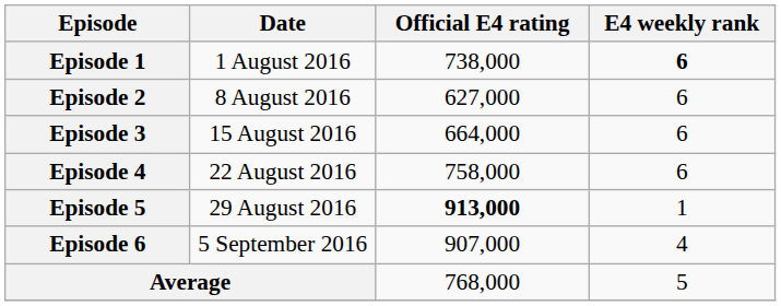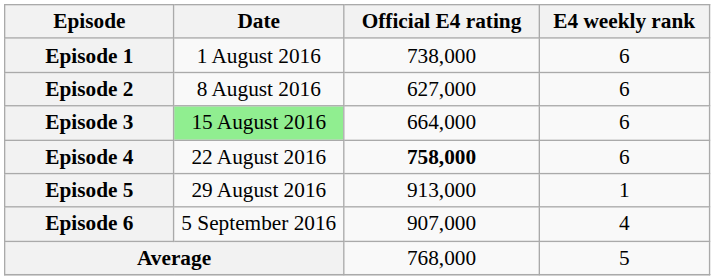 <table class="wikitable sortable" style="text-align:center">
 <tr>
 <th scope="col" style="width:120px;">Episode</th>
 <th scope="col" style="width:120px;">Date</th>
 <th scope="col" style="width:140px;">Official E4 rating</th>
 <th scope="col" style="width:120px;">E4 weekly rank</th>
 </tr>
 <tr>
 <th scope="row">Episode 1</th>
 <td>1 August 2016</td>
 <td>738,000</td>
-<td><strong>6</strong></td>
+<td>6</td>
 </tr>
 <tr>
 <th scope="row">Episode 2</th>
 <td>8 August 2016</td>
 <td>627,000</td>
 <td>6</td>
 </tr>
 <tr>
 <th scope="row">Episode 3</th>
-<td>15 August 2016</td>
+<td style="background: lightgreen;">15 August 2016</td>
 <td>664,000</td>
 <td>6</td>
 </tr>
 <tr>
 <th scope="row">Episode 4</th>
 <td>22 August 2016</td>
-<td>758,000</td>
+<td><strong>758,000</strong></td>
 <td>6</td>
 </tr>
 <tr>
 <th scope="row">Episode 5</th>
 <td>29 August 2016</td>
-<td><strong>913,000</strong></td>
+<td>913,000</td>
 <td>1</td>
 </tr>
 <tr>
 <th scope="row">Episode 6</th>
 <td>5 September 2016</td>
 <td>907,000</td>
 <td>4</td>
 </tr>
 <tr>
 <th scope="row" colspan="2">Average</th>
 <td>768,000</td>
 <td>5</td>
 </tr>
 <tr>
 </tr>
 </table>
